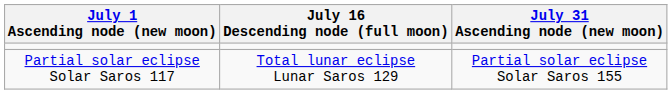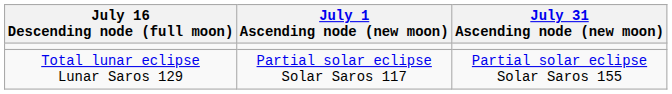 <table class="wikitable">
 <tr>
+<th>July 16<br>Descending node (full moon)<br></th>
 <th><a href='#'>July 1</a><br>Ascending node (new moon)<br></th>
-<th>July 16<br>Descending node (full moon)<br></th>
 <th><a href='#'>July 31</a><br>Ascending node (new moon)<br></th>
 </tr>
 <tr>
 <td></td>
 <td></td>
 <td></td>
 </tr>
 <tr align=center>
+<td><a href='#'>Total lunar eclipse</a><br>Lunar Saros 129</td>
 <td><a href='#'>Partial solar eclipse</a><br>Solar Saros 117</td>
-<td><a href='#'>Total lunar eclipse</a><br>Lunar Saros 129</td>
 <td><a href='#'>Partial solar eclipse</a><br>Solar Saros 155</td>
 </tr>
 </table>
